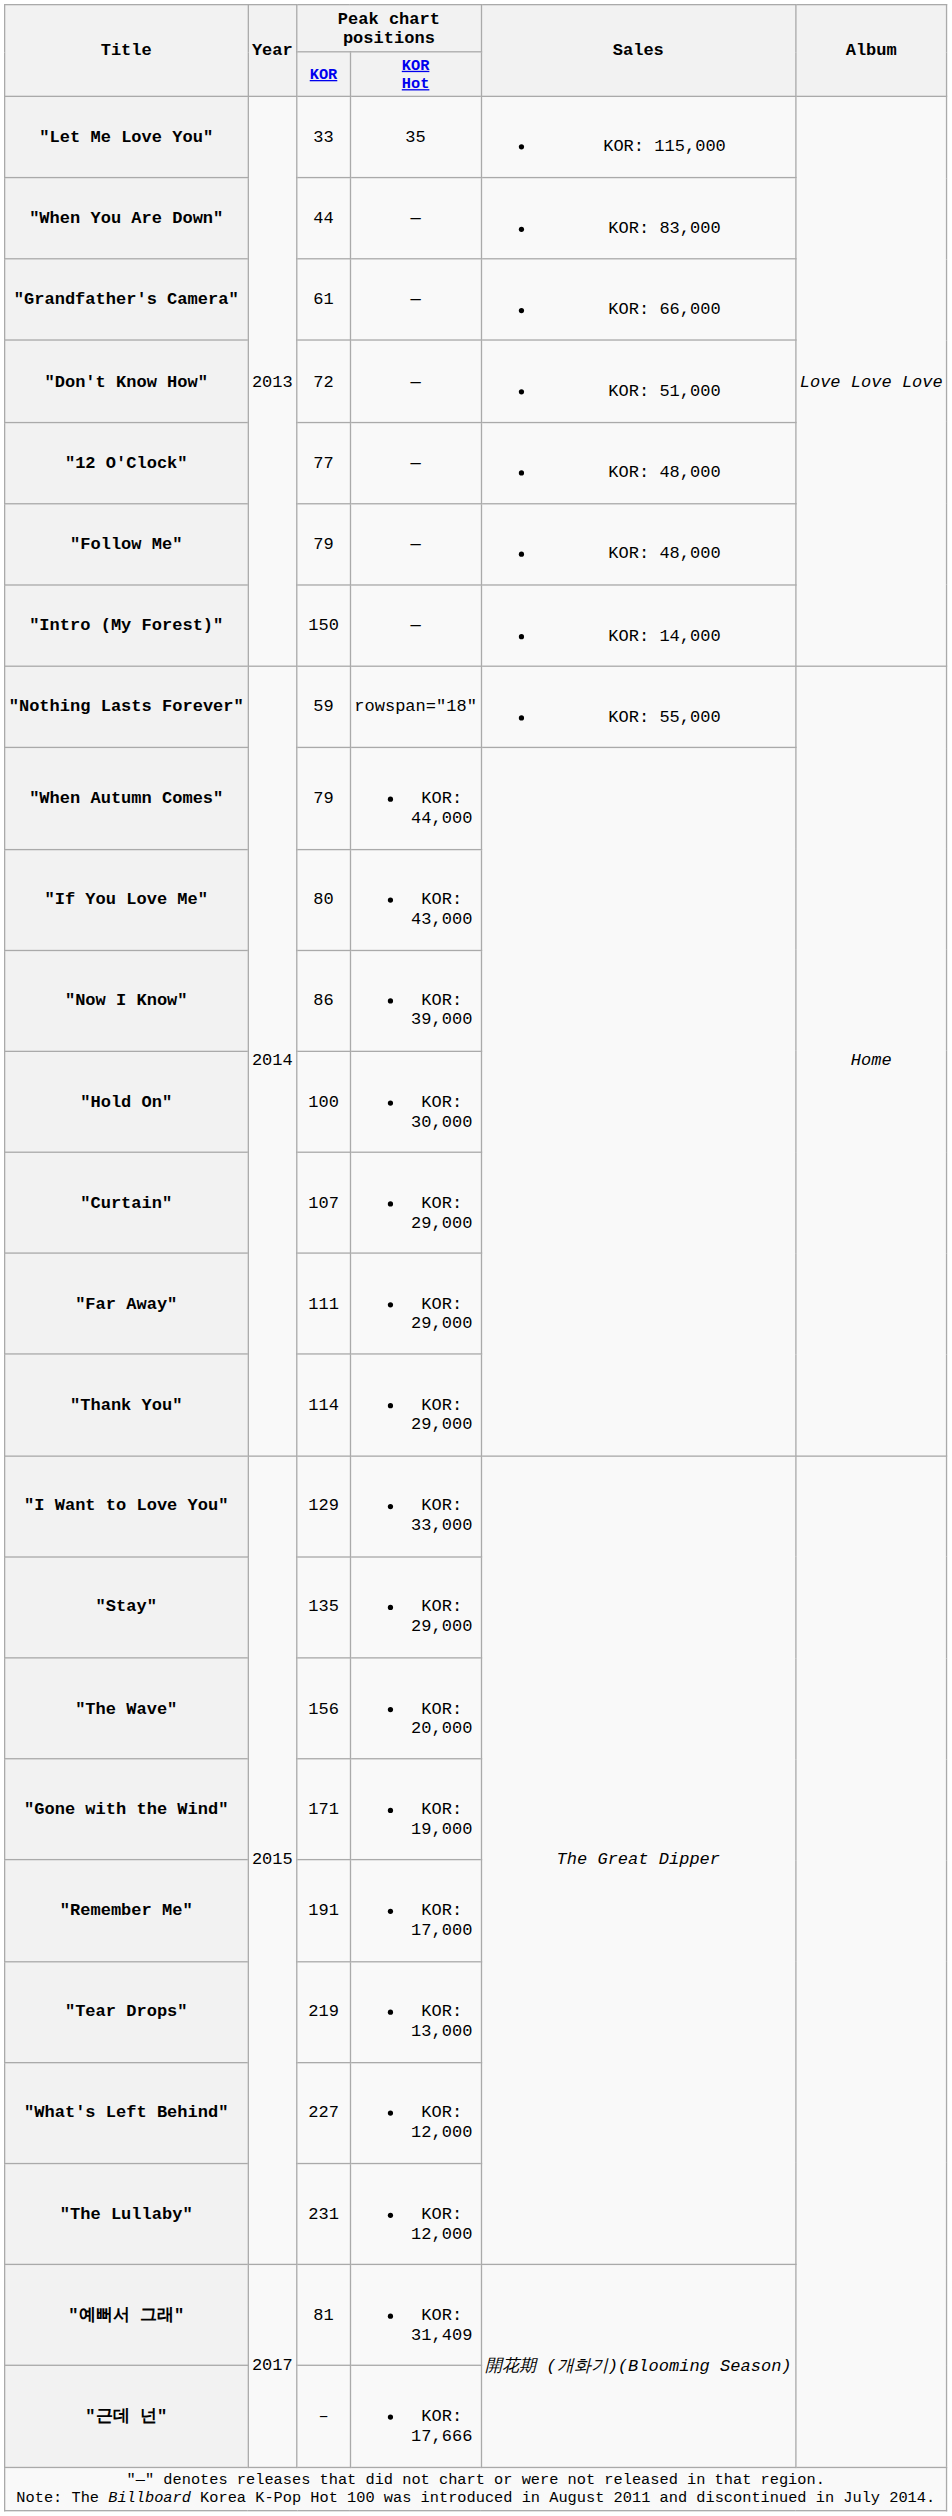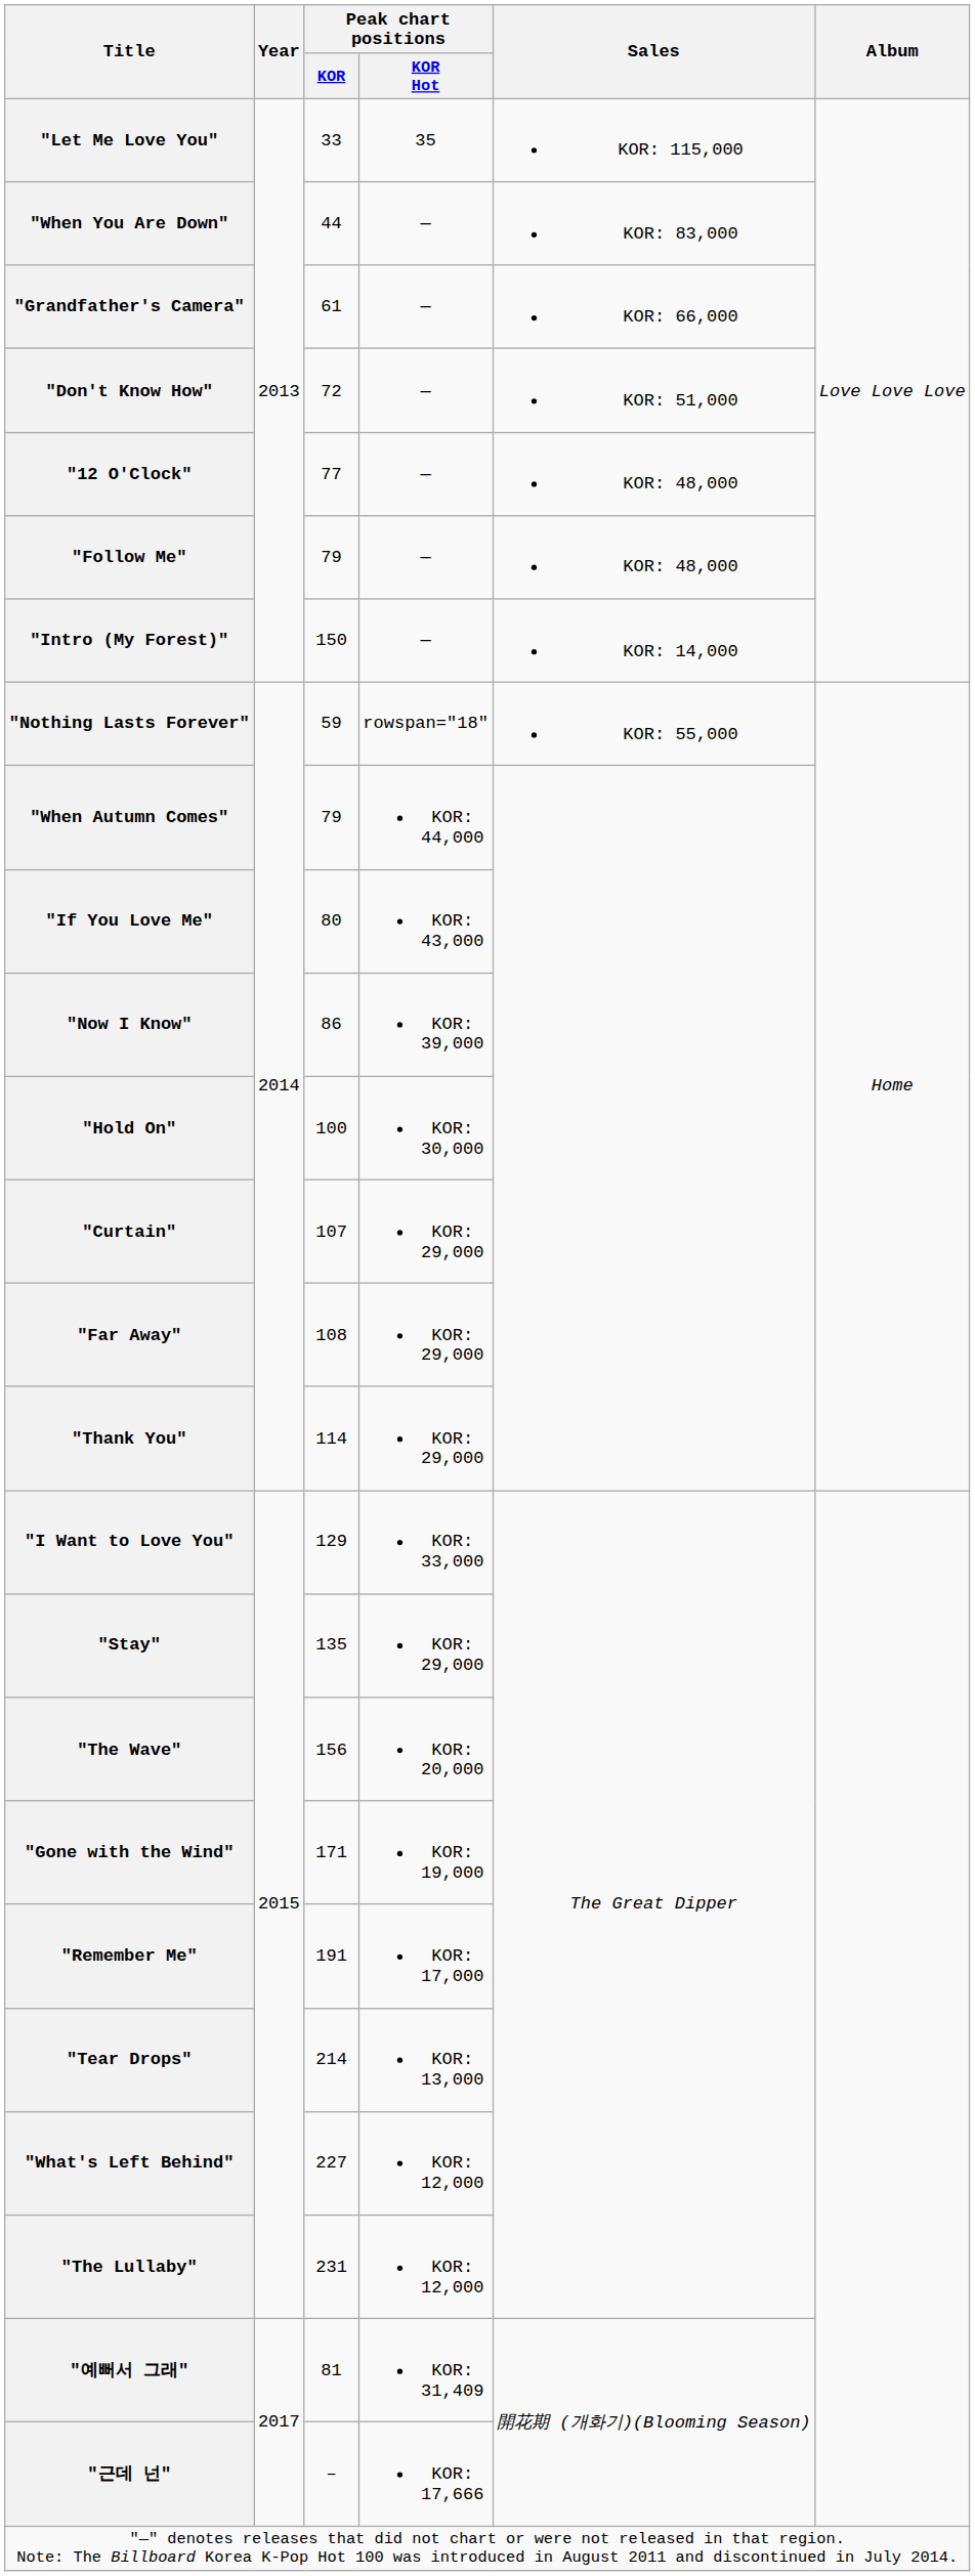 <table class="wikitable plainrowheaders" style="text-align:center;">
 <tr>
 <th scope="col" rowspan="2">Title</th>
 <th scope="col" rowspan="2">Year</th>
 <th scope="col" colspan="2">Peak chart positions</th>
 <th scope="col" rowspan="2">Sales<br></th>
 <th scope="col" rowspan="2">Album</th>
 </tr>
 <tr>
 <th scope="col" style="width:3em;font-size:90%;"><a href='#'>KOR</a><br></th>
 <th scope="col" style="width:3em;font-size:90%;"><a href='#'>KOR<br>Hot</a><br></th>
 </tr>
 <tr>
 <th scope="row">"Let Me Love You"</th>
 <td rowspan="7">2013</td>
 <td>33</td>
 <td>35</td>
 <td><br><ul><li>KOR: 115,000</li></ul></td>
 <td rowspan="7"><em>Love Love Love</em></td>
 </tr>
 <tr>
 <th scope="row">"When You Are Down"</th>
 <td>44</td>
 <td>—</td>
 <td><br><ul><li>KOR: 83,000</li></ul></td>
 </tr>
 <tr>
 <th scope="row">"Grandfather's Camera"</th>
 <td>61</td>
 <td>—</td>
 <td><br><ul><li>KOR: 66,000</li></ul></td>
 </tr>
 <tr>
 <th scope="row">"Don't Know How"</th>
 <td>72</td>
 <td>—</td>
 <td><br><ul><li>KOR: 51,000</li></ul></td>
 </tr>
 <tr>
 <th scope="row">"12 O'Clock"</th>
 <td>77</td>
 <td>—</td>
 <td><br><ul><li>KOR: 48,000</li></ul></td>
 </tr>
 <tr>
 <th scope="row">"Follow Me"</th>
 <td>79</td>
 <td>—</td>
 <td><br><ul><li>KOR: 48,000</li></ul></td>
 </tr>
 <tr>
 <th scope="row">"Intro (My Forest)"</th>
 <td>150</td>
 <td>—</td>
 <td><br><ul><li>KOR: 14,000</li></ul></td>
 </tr>
 <tr>
 <th scope="row">"Nothing Lasts Forever"</th>
 <td rowspan="8">2014</td>
 <td>59</td>
 <td>rowspan="18" </td>
 <td><br><ul><li>KOR: 55,000</li></ul></td>
 <td rowspan="8"><em>Home</em></td>
 </tr>
 <tr>
 <th scope="row">"When Autumn Comes"</th>
 <td>79</td>
 <td><br><ul><li>KOR: 44,000</li></ul></td>
 </tr>
 <tr>
 <th scope="row">"If You Love Me"</th>
 <td>80</td>
 <td><br><ul><li>KOR: 43,000</li></ul></td>
 </tr>
 <tr>
 <th scope="row">"Now I Know"<br></th>
 <td>86</td>
 <td><br><ul><li>KOR: 39,000</li></ul></td>
 </tr>
 <tr>
 <th scope="row">"Hold On"</th>
 <td>100</td>
 <td><br><ul><li>KOR: 30,000</li></ul></td>
 </tr>
 <tr>
 <th scope="row">"Curtain"<br></th>
 <td>107</td>
 <td><br><ul><li>KOR: 29,000</li></ul></td>
 </tr>
 <tr>
 <th scope="row">"Far Away"</th>
-<td>111</td>
+<td>108</td>
 <td><br><ul><li>KOR: 29,000</li></ul></td>
 </tr>
 <tr>
 <th scope="row">"Thank You"</th>
 <td>114</td>
 <td><br><ul><li>KOR: 29,000</li></ul></td>
 </tr>
 <tr>
 <th scope="row">"I Want to Love You"</th>
 <td rowspan="8">2015</td>
 <td>129</td>
 <td><br><ul><li>KOR: 33,000</li></ul></td>
 <td rowspan="8"><em>The Great Dipper</em></td>
 </tr>
 <tr>
 <th scope="row">"Stay"</th>
 <td>135</td>
 <td><br><ul><li>KOR: 29,000</li></ul></td>
 </tr>
 <tr>
 <th scope="row">"The Wave"</th>
 <td>156</td>
 <td><br><ul><li>KOR: 20,000</li></ul></td>
 </tr>
 <tr>
 <th scope="row">"Gone with the Wind"</th>
 <td>171</td>
 <td><br><ul><li>KOR: 19,000</li></ul></td>
 </tr>
 <tr>
 <th scope="row">"Remember Me"</th>
 <td>191</td>
 <td><br><ul><li>KOR: 17,000</li></ul></td>
 </tr>
 <tr>
 <th scope="row">"Tear Drops"</th>
-<td>219</td>
+<td>214</td>
 <td><br><ul><li>KOR: 13,000</li></ul></td>
 </tr>
 <tr>
 <th scope="row">"What's Left Behind"</th>
 <td>227</td>
 <td><br><ul><li>KOR: 12,000</li></ul></td>
 </tr>
 <tr>
 <th scope="row">"The Lullaby"</th>
 <td>231</td>
 <td><br><ul><li>KOR: 12,000</li></ul></td>
 </tr>
 <tr>
 <th scope="row">"예뻐서 그래"</th>
 <td rowspan="2">2017</td>
 <td>81</td>
 <td><br><ul><li>KOR: 31,409</li></ul></td>
 <td rowspan="2"><em>開花期 (개화기)(Blooming Season)</em></td>
 </tr>
 <tr>
 <th scope="row">"근데 넌"</th>
 <td>–</td>
 <td><br><ul><li>KOR: 17,666</li></ul></td>
 </tr>
 <tr>
 <td colspan="6" style="font-size:90%;">"—" denotes releases that did not chart or were not released in that region.<br>Note: The <em>Billboard</em> Korea K-Pop Hot 100 was introduced in August 2011 and discontinued in July 2014.</td>
 </tr>
 </table>
